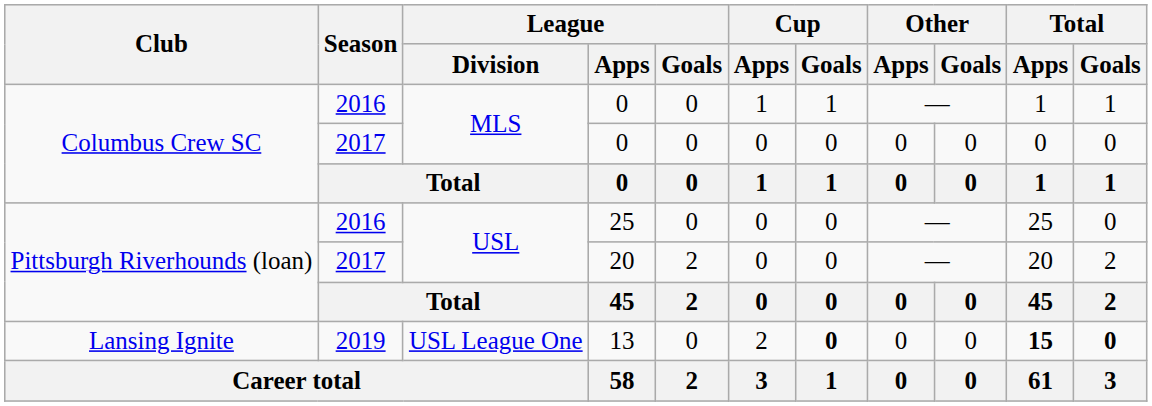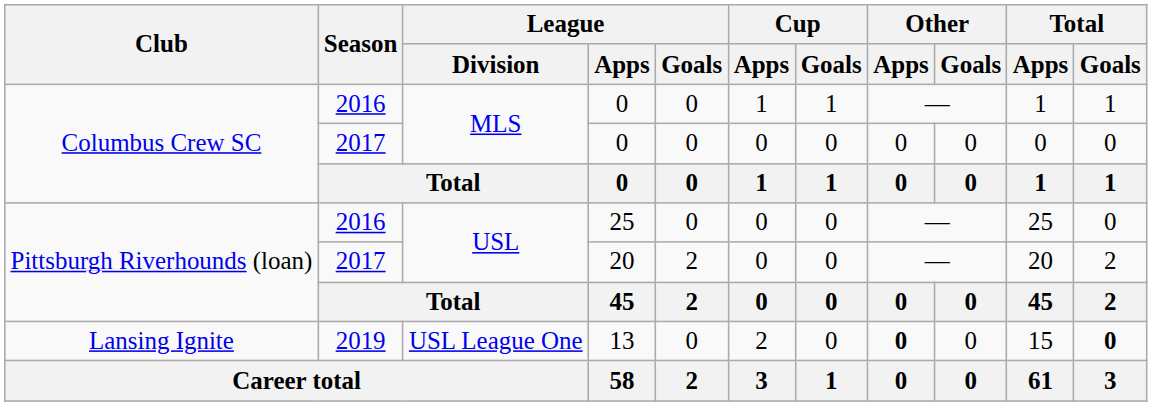 <table class="wikitable" style="text-align: center;">
 <tr>
 <th rowspan=2>Club</th>
 <th rowspan=2>Season</th>
 <th colspan=3>League</th>
 <th colspan=2>Cup</th>
 <th colspan=2>Other</th>
 <th colspan=2>Total</th>
 </tr>
 <tr>
 <th>Division</th>
 <th>Apps</th>
 <th>Goals</th>
 <th>Apps</th>
 <th>Goals</th>
 <th>Apps</th>
 <th>Goals</th>
 <th>Apps</th>
 <th>Goals</th>
 </tr>
 <tr>
 <td rowspan=3><a href='#'>Columbus Crew SC</a></td>
 <td><a href='#'>2016</a></td>
 <td rowspan=2><a href='#'>MLS</a></td>
 <td>0</td>
 <td>0</td>
 <td>1</td>
 <td>1</td>
 <td colspan=2>—</td>
 <td>1</td>
 <td>1</td>
 </tr>
 <tr>
 <td><a href='#'>2017</a></td>
 <td>0</td>
 <td>0</td>
 <td>0</td>
 <td>0</td>
 <td>0</td>
 <td>0</td>
 <td>0</td>
 <td>0</td>
 </tr>
 <tr>
 <th colspan=2>Total</th>
 <th>0</th>
 <th>0</th>
 <th>1</th>
 <th>1</th>
 <th>0</th>
 <th>0</th>
 <th>1</th>
 <th>1</th>
 </tr>
 <tr>
 <td rowspan=3><a href='#'>Pittsburgh Riverhounds</a> (loan)</td>
 <td><a href='#'>2016</a></td>
 <td rowspan=2><a href='#'>USL</a></td>
 <td>25</td>
 <td>0</td>
 <td>0</td>
 <td>0</td>
 <td colspan=2>—</td>
 <td>25</td>
 <td>0</td>
 </tr>
 <tr>
 <td><a href='#'>2017</a></td>
 <td>20</td>
 <td>2</td>
 <td>0</td>
 <td>0</td>
 <td colspan=2>—</td>
 <td>20</td>
 <td>2</td>
 </tr>
 <tr>
 <th colspan=2>Total</th>
 <th>45</th>
 <th>2</th>
 <th>0</th>
 <th>0</th>
 <th>0</th>
 <th>0</th>
 <th>45</th>
 <th>2</th>
 </tr>
 <tr>
 <td><a href='#'>Lansing Ignite</a></td>
 <td><a href='#'>2019</a></td>
 <td><a href='#'>USL League One</a></td>
 <td>13</td>
 <td>0</td>
 <td>2</td>
+<td>0</td>
 <td><strong>0</strong></td>
 <td>0</td>
-<td>0</td>
-<td><strong>15</strong></td>
+<td>15</td>
 <td><strong>0</strong></td>
 </tr>
 <tr>
 <th colspan=3>Career total</th>
 <th>58</th>
 <th>2</th>
 <th>3</th>
 <th>1</th>
 <th>0</th>
 <th>0</th>
 <th>61</th>
 <th>3</th>
 </tr>
 </table>
